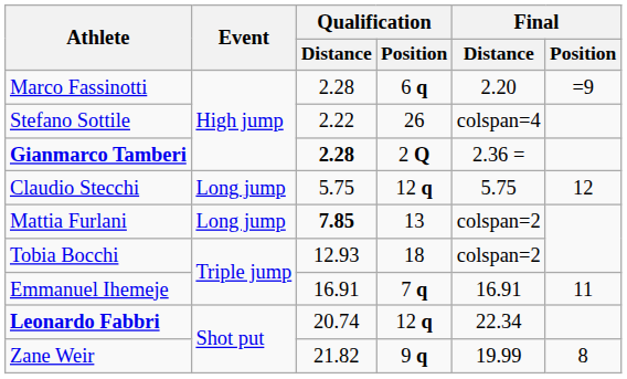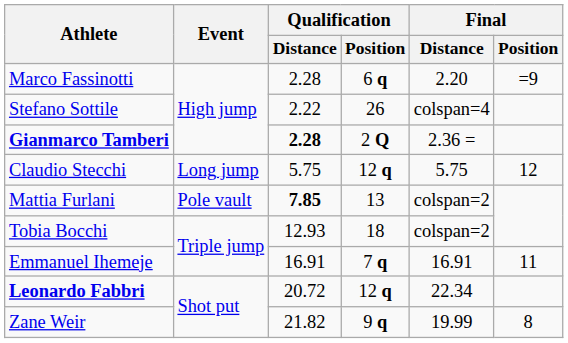 <table class=wikitable style=font-size:90%>
 <tr>
 <th rowspan=2>Athlete</th>
 <th rowspan=2>Event</th>
 <th colspan=2>Qualification</th>
 <th colspan=2>Final</th>
 </tr>
 <tr style=font-size:95%>
 <th>Distance</th>
 <th>Position</th>
 <th>Distance</th>
 <th>Position</th>
 </tr>
 <tr align=center>
 <td align=left><a href='#'>Marco Fassinotti</a></td>
 <td align=left rowspan=3><a href='#'>High jump</a></td>
 <td>2.28 </td>
 <td>6 <strong>q</strong></td>
 <td>2.20</td>
 <td>=9</td>
 </tr>
 <tr align=center>
 <td align=left><a href='#'>Stefano Sottile</a></td>
 <td>2.22</td>
 <td>26</td>
 <td>colspan=4 </td>
 </tr>
 <tr align=center>
 <td align=left><strong><a href='#'>Gianmarco Tamberi</a></strong></td>
 <td><strong>2.28</strong></td>
 <td>2 <strong>Q</strong></td>
 <td>2.36  =</td>
 <td></td>
 </tr>
 <tr align=center>
 <td align=left><a href='#'>Claudio Stecchi</a></td>
 <td align=left><a href='#'>Long jump</a></td>
 <td>5.75</td>
 <td>12 <strong>q</strong></td>
 <td>5.75</td>
 <td>12</td>
 </tr>
 <tr align=center>
 <td align=left><a href='#'>Mattia Furlani</a></td>
-<td align=left><a href='#'>Long jump</a></td>
+<td align=left><a href='#'>Pole vault</a></td>
 <td><strong>7.85</strong></td>
 <td>13</td>
 <td>colspan=2 </td>
 </tr>
 <tr align=center>
 <td align=left><a href='#'>Tobia Bocchi</a></td>
 <td align=left rowspan=2><a href='#'>Triple jump</a></td>
 <td>12.93</td>
 <td>18</td>
 <td>colspan=2 </td>
 </tr>
 <tr align=center>
 <td align=left><a href='#'>Emmanuel Ihemeje</a></td>
 <td>16.91</td>
 <td>7 <strong>q</strong></td>
 <td>16.91</td>
 <td>11</td>
 </tr>
 <tr align=center>
 <td align=left><strong><a href='#'>Leonardo Fabbri</a></strong></td>
 <td align=left rowspan=2><a href='#'>Shot put</a></td>
-<td>20.74</td>
+<td>20.72</td>
 <td>12 <strong>q</strong></td>
 <td>22.34 </td>
 <td></td>
 </tr>
 <tr align=center>
 <td align=left><a href='#'>Zane Weir</a></td>
 <td>21.82</td>
 <td>9 <strong>q</strong></td>
 <td>19.99</td>
 <td>8</td>
 </tr>
 </table>
